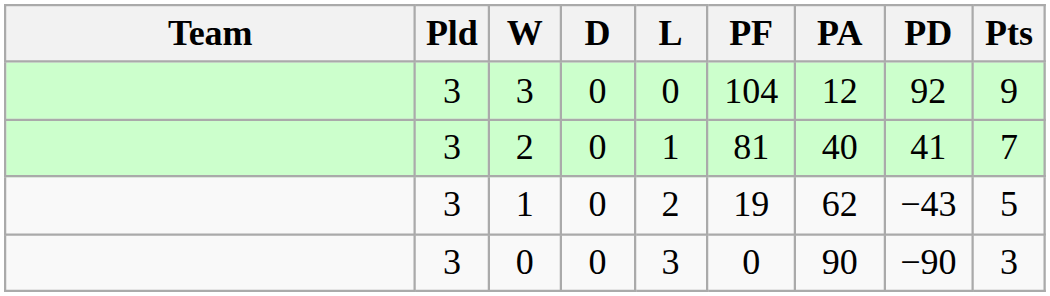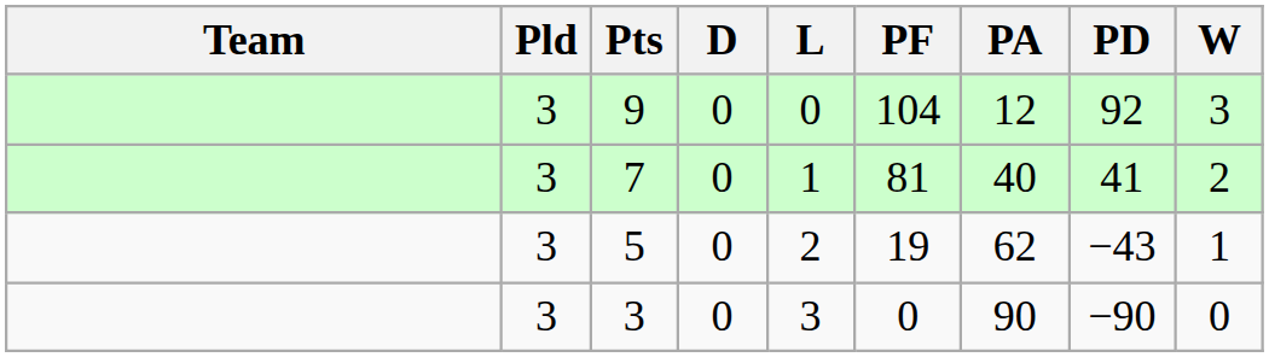 <table class="wikitable" style="text-align:center;">
 <tr>
 <th width=175>Team</th>
 <th width=25 abbr="Played">Pld</th>
-<th width=25 abbr="Won">W</th>
+<th width=25 abbr="Points">Pts</th>
 <th width=25 abbr="Drawn">D</th>
 <th width=25 abbr="Lost">L</th>
 <th width=32 abbr="Points for">PF</th>
 <th width=32 abbr="Points against">PA</th>
 <th width=32 abbr="Points difference">PD</th>
-<th width=25 abbr="Points">Pts</th>
+<th width=25 abbr="Won">W</th>
 </tr>
 <tr bgcolor="#ccffcc">
 <td align=left></td>
 <td>3</td>
-<td>3</td>
+<td>9</td>
 <td>0</td>
 <td>0</td>
 <td>104</td>
 <td>12</td>
 <td>92</td>
-<td>9</td>
+<td>3</td>
 </tr>
 <tr bgcolor="#ccffcc">
 <td align=left></td>
 <td>3</td>
-<td>2</td>
+<td>7</td>
 <td>0</td>
 <td>1</td>
 <td>81</td>
 <td>40</td>
 <td>41</td>
-<td>7</td>
+<td>2</td>
 </tr>
 <tr>
 <td align=left></td>
 <td>3</td>
-<td>1</td>
+<td>5</td>
 <td>0</td>
 <td>2</td>
 <td>19</td>
 <td>62</td>
 <td>−43</td>
-<td>5</td>
+<td>1</td>
 </tr>
 <tr>
 <td align=left></td>
 <td>3</td>
-<td>0</td>
+<td>3</td>
 <td>0</td>
 <td>3</td>
 <td>0</td>
 <td>90</td>
 <td>−90</td>
-<td>3</td>
+<td>0</td>
 </tr>
 </table>
